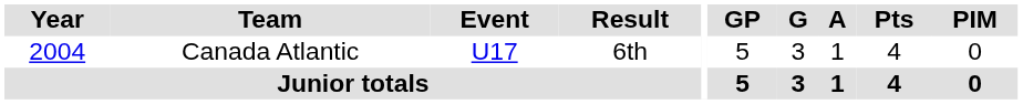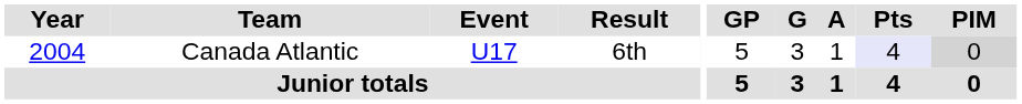 <table border="0" cellpadding="1" cellspacing="0" ID="Table3" style="text-align:center; width:40em">
 <tr ALIGN="center" bgcolor="#e0e0e0">
 <th>Year</th>
 <th>Team</th>
 <th>Event</th>
 <th>Result</th>
 <th rowspan="99" bgcolor="#ffffff"></th>
 <th>GP</th>
 <th>G</th>
 <th>A</th>
 <th>Pts</th>
 <th>PIM</th>
 </tr>
 <tr>
 <td><a href='#'>2004</a></td>
 <td>Canada Atlantic</td>
 <td><a href='#'>U17</a></td>
 <td>6th</td>
 <td>5</td>
 <td>3</td>
 <td>1</td>
-<td>4</td>
-<td>0</td>
+<td style="background: lavender;">4</td>
+<td style="background: lightgrey;">0</td>
 </tr>
 <tr bgcolor="#e0e0e0">
 <th colspan="4">Junior totals</th>
 <th>5</th>
 <th>3</th>
 <th>1</th>
 <th>4</th>
 <th>0</th>
 </tr>
 </table>
